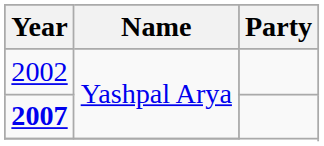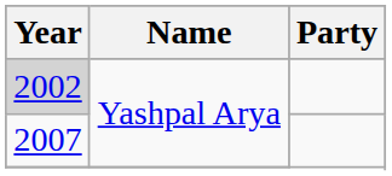 <table class="wikitable sortable">
 <tr>
 <th>Year</th>
 <th>Name</th>
 <th colspan=2>Party</th>
 </tr>
 <tr>
-<td><a href='#'>2002</a></td>
+<td style="background: lightgrey;"><a href='#'>2002</a></td>
 <td rowspan=2><a href='#'>Yashpal Arya</a></td>
 <td></td>
 </tr>
 <tr>
-<td><strong><a href='#'>2007</a></strong></td>
+<td><a href='#'>2007</a></td>
 </tr>
 <tr>
 </tr>
 </table>
